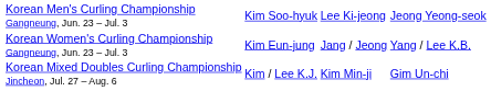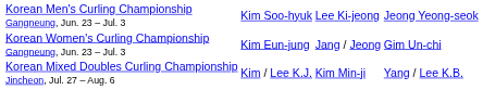 <table>
 <tr>
 <td><a href='#'>Korean Men's Curling Championship</a> <br> <small><a href='#'>Gangneung</a>, Jun. 23 – Jul. 3</small></td>
 <td> <a href='#'>Kim Soo-hyuk</a></td>
 <td> <a href='#'>Lee Ki-jeong</a></td>
 <td> <a href='#'>Jeong Yeong-seok</a></td>
 </tr>
 <tr>
 <td><a href='#'>Korean Women's Curling Championship</a> <br> <small><a href='#'>Gangneung</a>, Jun. 23 – Jul. 3</small></td>
 <td> <a href='#'>Kim Eun-jung</a></td>
 <td> <a href='#'>Jang</a> / <a href='#'>Jeong</a></td>
-<td> <a href='#'>Yang</a> / <a href='#'>Lee K.B.</a></td>
+<td> <a href='#'>Gim Un-chi</a></td>
 </tr>
 <tr>
 <td><a href='#'>Korean Mixed Doubles Curling Championship</a> <br> <small><a href='#'>Jincheon</a>, Jul. 27 – Aug. 6</small></td>
 <td> <a href='#'>Kim</a> / <a href='#'>Lee K.J.</a></td>
 <td> <a href='#'>Kim Min-ji</a></td>
-<td> <a href='#'>Gim Un-chi</a></td>
+<td> <a href='#'>Yang</a> / <a href='#'>Lee K.B.</a></td>
 </tr>
 </table>
